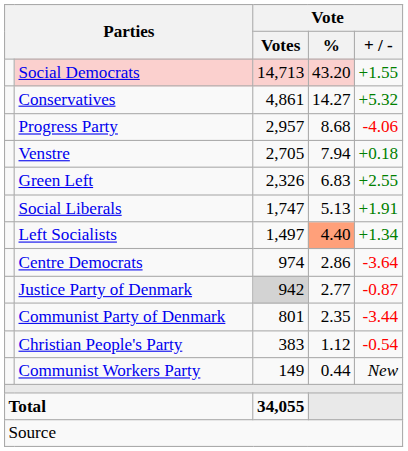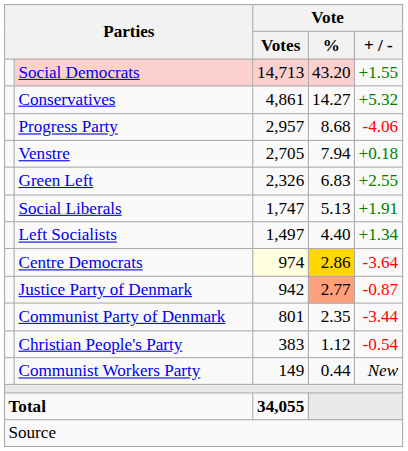 <table class="wikitable" style="text-align:right;">
 <tr>
 <th style="text-align:centre;" rowspan="2" colspan="2" width="225">Parties</th>
 <th colspan="3">Vote</th>
 </tr>
 <tr>
 <th width="15">Votes</th>
 <th width="15">%</th>
 <th width="15">+ / -</th>
 </tr>
 <tr>
 <td width="2" style="color:inherit;background:"></td>
 <td bgcolor=#fbd0ce  align="left"><a href='#'>Social Democrats</a></td>
 <td bgcolor=#fbd0ce>14,713</td>
 <td bgcolor=#fbd0ce>43.20</td>
 <td style=color:green;>+1.55</td>
 </tr>
 <tr>
 <td width="2" style="color:inherit;background:"></td>
 <td align="left"><a href='#'>Conservatives</a></td>
 <td>4,861</td>
 <td>14.27</td>
 <td style=color:green;>+5.32</td>
 </tr>
 <tr>
 <td width="2" style="color:inherit;background:"></td>
 <td align="left"><a href='#'>Progress Party</a></td>
 <td>2,957</td>
 <td>8.68</td>
 <td style=color:red;>-4.06</td>
 </tr>
 <tr>
 <td width="2" style="color:inherit;background:"></td>
 <td align="left"><a href='#'>Venstre</a></td>
 <td>2,705</td>
 <td>7.94</td>
 <td style=color:green;>+0.18</td>
 </tr>
 <tr>
 <td width="2" style="color:inherit;background:"></td>
 <td align="left"><a href='#'>Green Left</a></td>
 <td>2,326</td>
 <td>6.83</td>
 <td style=color:green;>+2.55</td>
 </tr>
 <tr>
 <td width="2" style="color:inherit;background:"></td>
 <td align="left"><a href='#'>Social Liberals</a></td>
 <td>1,747</td>
 <td>5.13</td>
 <td style=color:green;>+1.91</td>
 </tr>
 <tr>
 <td width="2" style="color:inherit;background:"></td>
 <td align="left"><a href='#'>Left Socialists</a></td>
 <td>1,497</td>
-<td style="background: lightsalmon;">4.40</td>
+<td>4.40</td>
 <td style=color:green;>+1.34</td>
 </tr>
 <tr>
 <td width="2" style="color:inherit;background:"></td>
 <td align="left"><a href='#'>Centre Democrats</a></td>
-<td>974</td>
-<td>2.86</td>
+<td style="background: lightyellow;">974</td>
+<td style="background: gold;">2.86</td>
 <td style=color:red;>-3.64</td>
 </tr>
 <tr>
 <td width="2" style="color:inherit;background:"></td>
 <td align="left"><a href='#'>Justice Party of Denmark</a></td>
-<td style="background: lightgrey;">942</td>
-<td>2.77</td>
+<td>942</td>
+<td style="background: lightsalmon;">2.77</td>
 <td style=color:red;>-0.87</td>
 </tr>
 <tr>
 <td width="2" style="color:inherit;background:"></td>
 <td align="left"><a href='#'>Communist Party of Denmark</a></td>
 <td>801</td>
 <td>2.35</td>
 <td style=color:red;>-3.44</td>
 </tr>
 <tr>
 <td width="2" style="color:inherit;background:"></td>
 <td align="left"><a href='#'>Christian People's Party</a></td>
 <td>383</td>
 <td>1.12</td>
 <td style=color:red;>-0.54</td>
 </tr>
 <tr>
 <td width="2" style="color:inherit;background:"></td>
 <td align="left"><a href='#'>Communist Workers Party</a></td>
 <td>149</td>
 <td>0.44</td>
 <td><em>New</em></td>
 </tr>
 <tr>
 <td colspan="7" bgcolor="#E9E9E9"></td>
 </tr>
 <tr>
 <td align="left" colspan="2"><strong>Total</strong></td>
 <td><strong>34,055</strong></td>
 <td bgcolor="#E9E9E9" colspan="2"></td>
 </tr>
 <tr>
 <td align="left" colspan="6">Source</td>
 </tr>
 </table>
